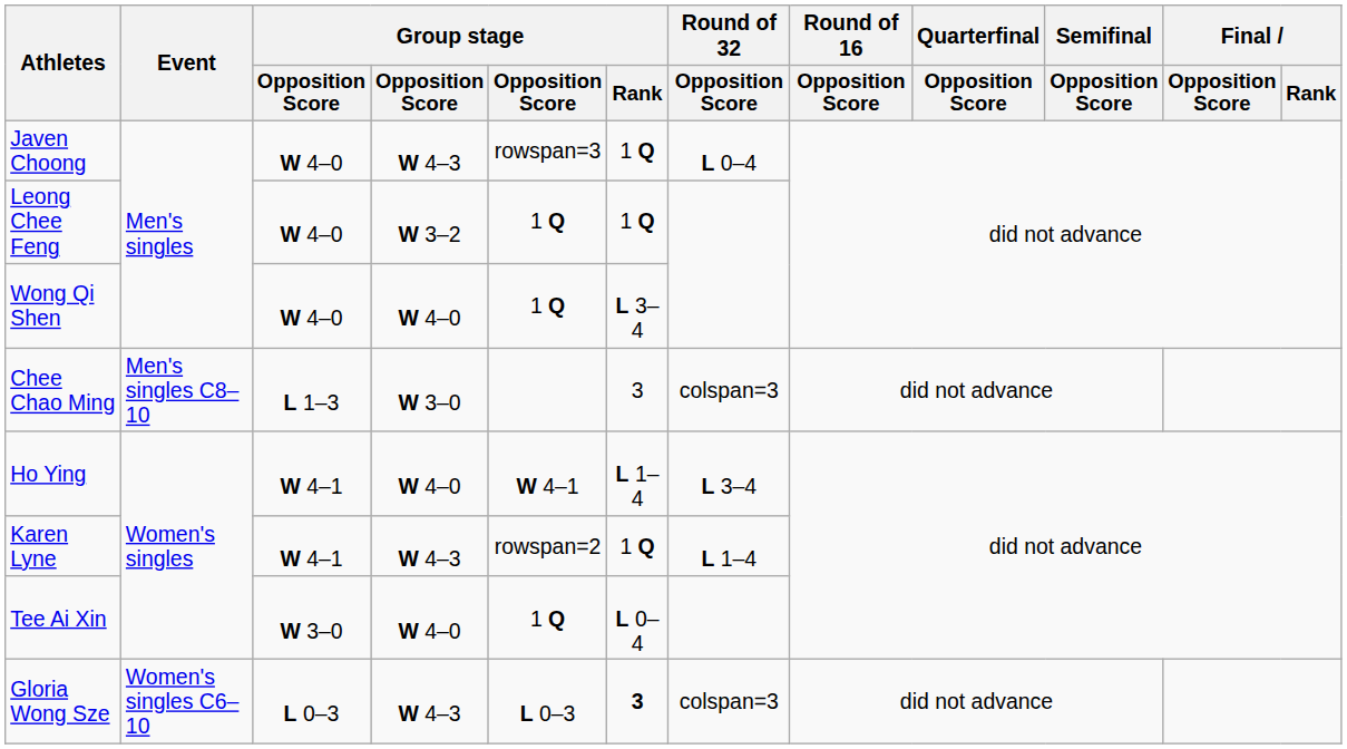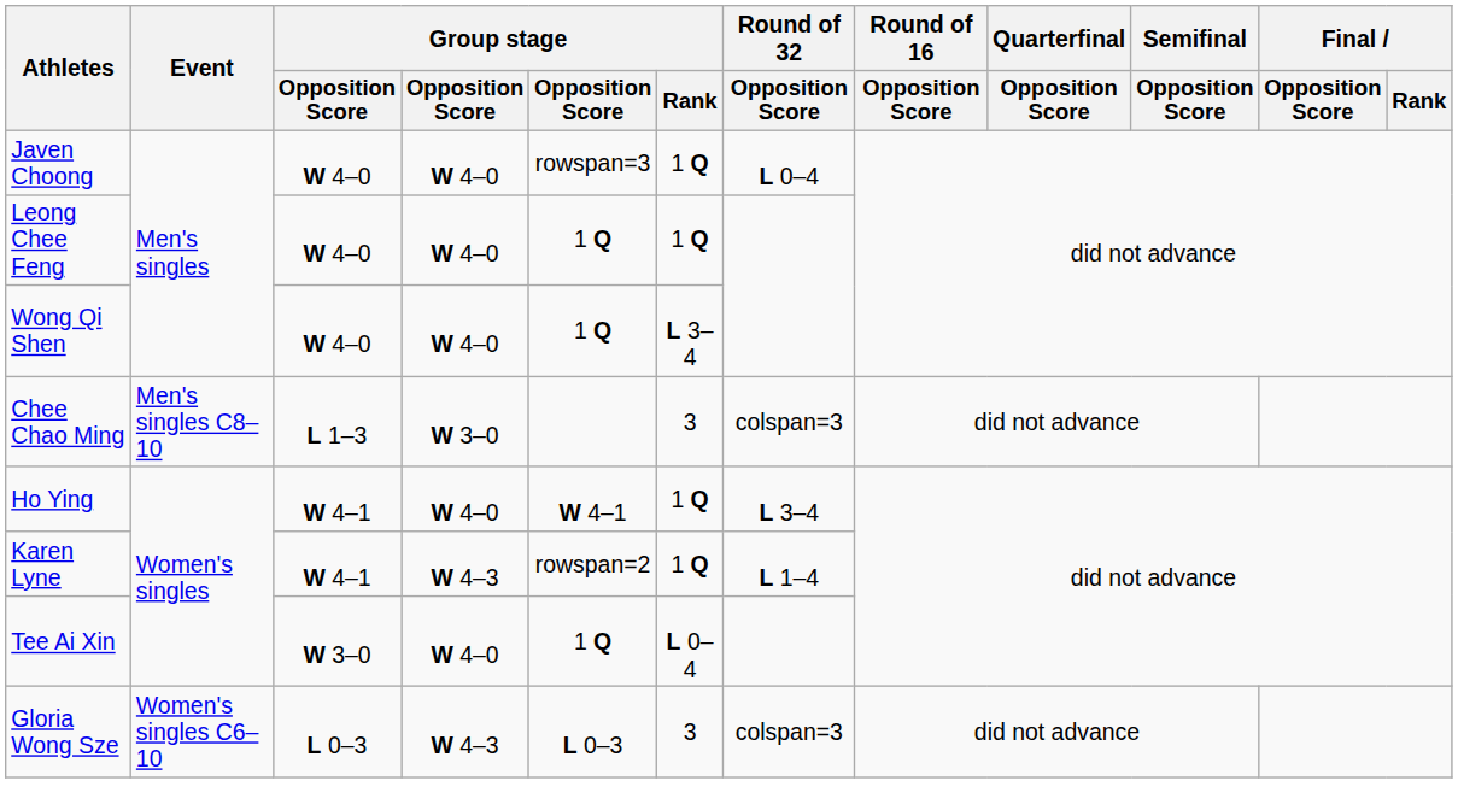 <table class=wikitable style=font-size:88%;text-align:center>
 <tr>
 <th rowspan=2>Athletes</th>
 <th rowspan=2>Event</th>
 <th colspan=4>Group stage</th>
 <th>Round of 32</th>
 <th>Round of 16</th>
 <th>Quarterfinal</th>
 <th>Semifinal</th>
 <th colspan=2>Final / </th>
 </tr>
 <tr style=font-size:95%>
 <th>Opposition<br>Score</th>
 <th>Opposition<br>Score</th>
 <th>Opposition<br>Score</th>
 <th>Rank</th>
 <th>Opposition<br>Score</th>
 <th>Opposition<br>Score</th>
 <th>Opposition<br>Score</th>
 <th>Opposition<br>Score</th>
 <th>Opposition<br>Score</th>
 <th>Rank</th>
 </tr>
 <tr>
 <td style="text-align:left"><a href='#'>Javen Choong</a></td>
 <td style="text-align:left" rowspan=3><a href='#'>Men's singles</a></td>
 <td><br><strong>W</strong> 4–0</td>
-<td><br><strong>W</strong> 4–3</td>
+<td><br><strong>W</strong> 4–0</td>
 <td>rowspan=3 </td>
 <td>1 <strong>Q</strong></td>
 <td><br><strong>L</strong> 0–4</td>
 <td colspan=5 rowspan=3>did not advance</td>
 </tr>
 <tr>
 <td style="text-align:left"><a href='#'>Leong Chee Feng</a></td>
 <td><br><strong>W</strong> 4–0</td>
-<td><br><strong>W</strong> 3–2</td>
+<td><br><strong>W</strong> 4–0</td>
 <td>1 <strong>Q</strong></td>
 <td>1 <strong>Q</strong></td>
 </tr>
 <tr>
 <td style="text-align:left"><a href='#'>Wong Qi Shen</a></td>
 <td><br><strong>W</strong> 4–0</td>
 <td><br><strong>W</strong> 4–0</td>
 <td>1 <strong>Q</strong></td>
 <td><br><strong>L</strong> 3–4</td>
 </tr>
 <tr>
 <td style="text-align:left"><a href='#'>Chee Chao Ming</a></td>
 <td style="text-align:left"><a href='#'>Men's singles C8–10</a></td>
 <td><br><strong>L</strong> 1–3</td>
 <td><br><strong>W</strong> 3–0</td>
 <td><br></td>
 <td>3</td>
 <td>colspan=3 </td>
 <td colspan=3>did not advance</td>
 </tr>
 <tr>
 <td style="text-align:left"><a href='#'>Ho Ying</a></td>
 <td style="text-align:left" rowspan=3><a href='#'>Women's singles</a></td>
 <td><br><strong>W</strong> 4–1</td>
 <td><br><strong>W</strong> 4–0</td>
 <td><br><strong>W</strong> 4–1</td>
-<td><br><strong>L</strong> 1–4</td>
+<td>1 <strong>Q</strong></td>
 <td><br><strong>L</strong> 3–4</td>
 <td colspan=5 rowspan=3>did not advance</td>
 </tr>
 <tr>
 <td style="text-align:left"><a href='#'>Karen Lyne</a></td>
 <td><br><strong>W</strong> 4–1</td>
 <td><br><strong>W</strong> 4–3</td>
 <td>rowspan=2 </td>
 <td>1 <strong>Q</strong></td>
 <td><br><strong>L</strong> 1–4</td>
 </tr>
 <tr>
 <td style="text-align:left"><a href='#'>Tee Ai Xin</a></td>
 <td><br><strong>W</strong> 3–0</td>
 <td><br><strong>W</strong> 4–0</td>
 <td>1 <strong>Q</strong></td>
 <td><br><strong>L</strong> 0–4</td>
 </tr>
 <tr>
 <td style="text-align:left"><a href='#'>Gloria Wong Sze</a></td>
 <td style="text-align:left"><a href='#'>Women's singles C6–10</a></td>
 <td><br><strong>L</strong> 0–3</td>
 <td><br><strong>W</strong> 4–3</td>
 <td><br><strong>L</strong> 0–3</td>
-<td><strong>3</strong></td>
+<td>3</td>
 <td>colspan=3 </td>
 <td colspan=3>did not advance</td>
 </tr>
 </table>
